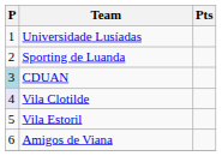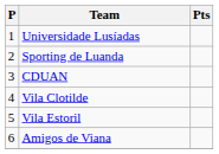 <table class="wikitable">
 <tr>
 <th>P</th>
 <th width=205>Team</th>
 <th>Pts</th>
 </tr>
 <tr>
 <td>1</td>
 <td><a href='#'>Universidade Lusíadas</a></td>
 <td></td>
 </tr>
 <tr>
 <td>2</td>
 <td><a href='#'>Sporting de Luanda</a></td>
 <td></td>
 </tr>
 <tr>
-<td style="background: lightblue;">3</td>
+<td>3</td>
 <td><a href='#'>CDUAN</a></td>
 <td></td>
 </tr>
 <tr>
-<td style="background: lavender;">4</td>
+<td>4</td>
 <td><a href='#'>Vila Clotilde</a></td>
 <td></td>
 </tr>
 <tr>
 <td>5</td>
 <td><a href='#'>Vila Estoril</a></td>
 <td></td>
 </tr>
 <tr>
 <td>6</td>
 <td><a href='#'>Amigos de Viana</a></td>
 <td></td>
 </tr>
 <tr>
 </tr>
 </table>
